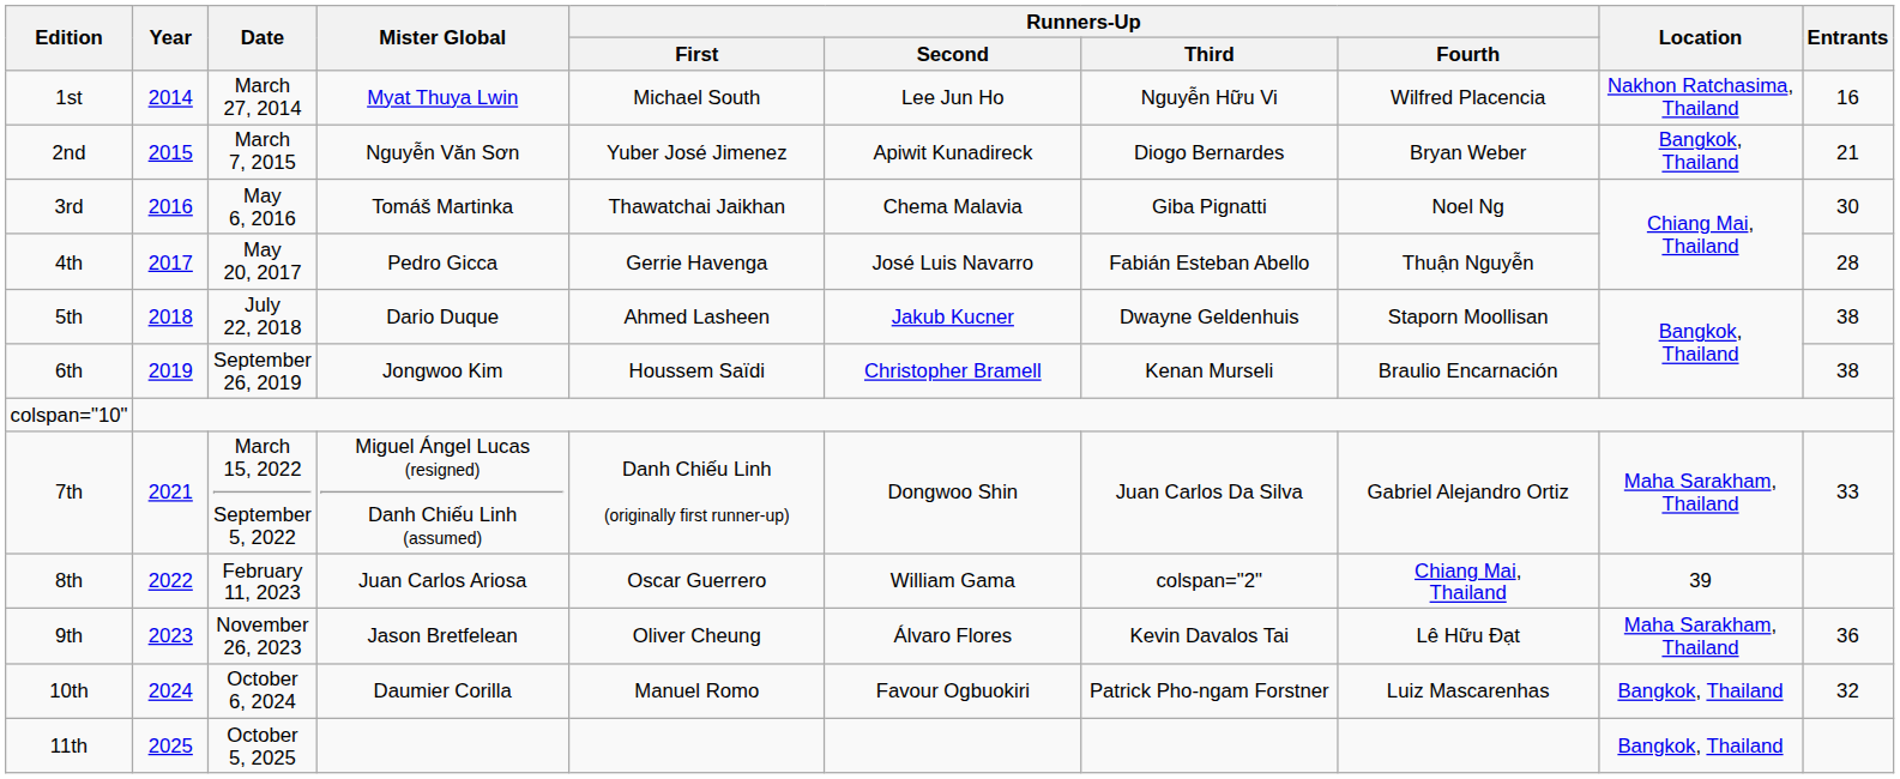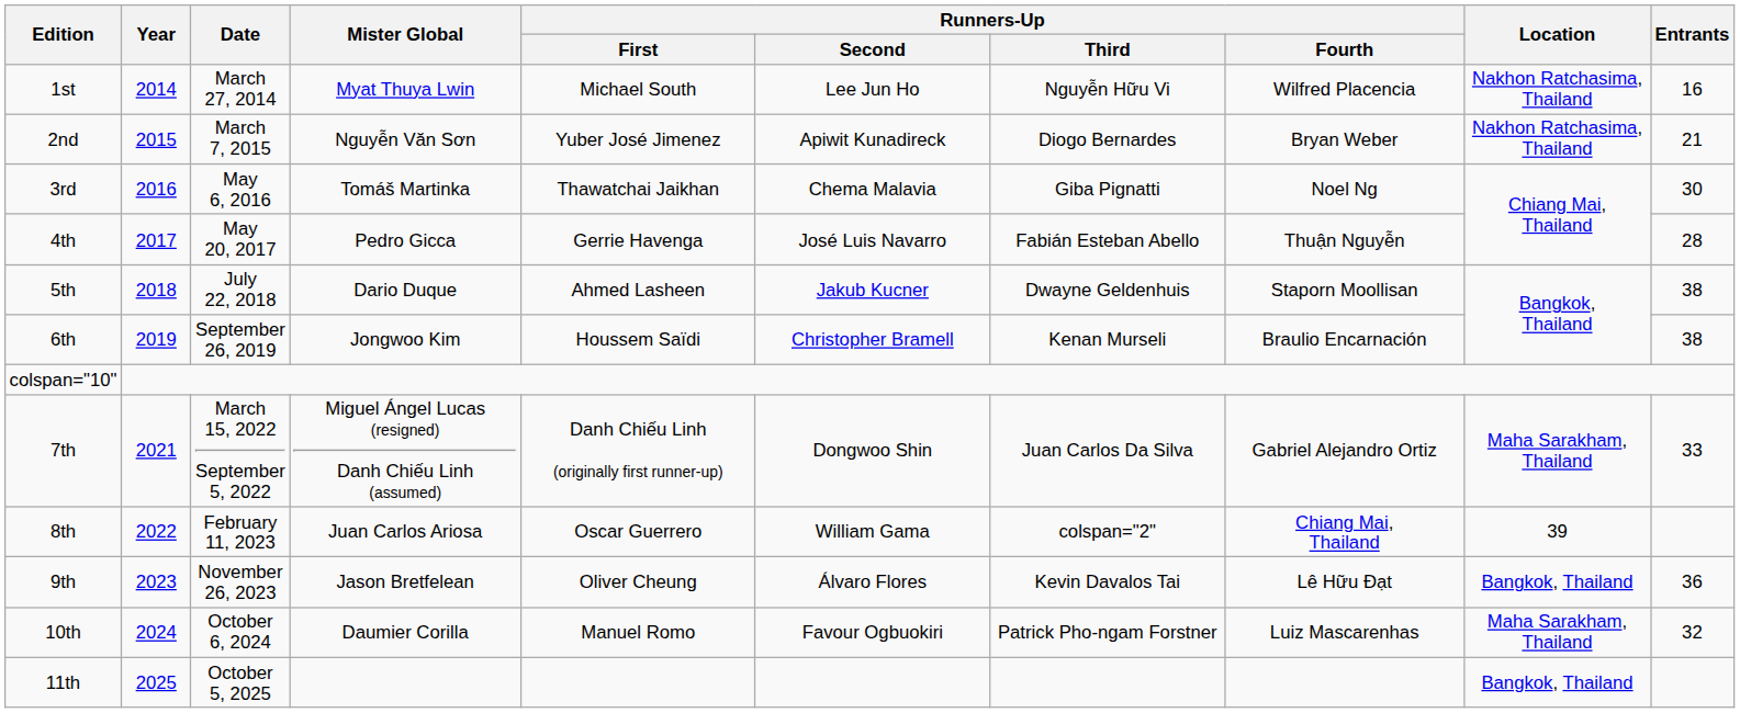 <table class="wikitable" style="font-size:83%; text-align:center;">
 <tr>
 <th rowspan="2"  width=50px>Edition</th>
 <th rowspan="2"  width=50px>Year</th>
 <th rowspan="2"  width=50px>Date</th>
 <th rowspan="2"  width=200px>Mister Global</th>
 <th colspan="4"  width=200px>Runners-Up</th>
 <th rowspan="2"  width=150px>Location</th>
 <th rowspan="2"  width=50px>Entrants</th>
 </tr>
 <tr>
 <th width=200px>First</th>
 <th width=200px>Second</th>
 <th width=200px>Third</th>
 <th width=200px>Fourth</th>
 </tr>
 <tr>
 <td>1st</td>
 <td><a href='#'>2014</a></td>
 <td>March<br> 27, 2014</td>
 <td><a href='#'>Myat Thuya Lwin</a><br></td>
 <td>Michael South<br></td>
 <td>Lee Jun Ho<br></td>
 <td>Nguyễn Hữu Vi<br></td>
 <td>Wilfred Placencia<br></td>
 <td><a href='#'>Nakhon Ratchasima</a>, <a href='#'>Thailand</a></td>
 <td>16</td>
 </tr>
 <tr>
 <td>2nd</td>
 <td><a href='#'>2015</a></td>
 <td>March<br> 7, 2015</td>
 <td>Nguyễn Văn Sơn<br></td>
 <td>Yuber José Jimenez<br></td>
 <td>Apiwit Kunadireck<br></td>
 <td>Diogo Bernardes<br></td>
 <td>Bryan Weber<br></td>
-<td><a href='#'>Bangkok</a>,<br> <a href='#'>Thailand</a></td>
+<td><a href='#'>Nakhon Ratchasima</a>, <a href='#'>Thailand</a></td>
 <td>21</td>
 </tr>
 <tr>
 <td>3rd</td>
 <td><a href='#'>2016</a></td>
 <td>May<br> 6, 2016</td>
 <td>Tomáš Martinka<br></td>
 <td>Thawatchai Jaikhan<br></td>
 <td>Chema Malavia<br></td>
 <td>Giba Pignatti<br></td>
 <td>Noel Ng<br></td>
 <td rowspan="2"><a href='#'>Chiang Mai</a>,<br> <a href='#'>Thailand</a></td>
 <td>30</td>
 </tr>
 <tr>
 <td>4th</td>
 <td><a href='#'>2017</a></td>
 <td>May<br> 20, 2017</td>
 <td>Pedro Gicca<br></td>
 <td>Gerrie Havenga<br></td>
 <td>José Luis Navarro<br></td>
 <td>Fabián Esteban Abello<br></td>
 <td>Thuận Nguyễn<br></td>
 <td>28</td>
 </tr>
 <tr>
 <td>5th</td>
 <td><a href='#'>2018</a></td>
 <td>July<br> 22, 2018</td>
 <td>Dario Duque<br></td>
 <td>Ahmed Lasheen<br></td>
 <td><a href='#'>Jakub Kucner</a><br></td>
 <td>Dwayne Geldenhuis<br></td>
 <td>Staporn Moollisan<br></td>
 <td rowspan="2"><a href='#'>Bangkok</a>,<br> <a href='#'>Thailand</a></td>
 <td>38</td>
 </tr>
 <tr>
 <td>6th</td>
 <td><a href='#'>2019</a></td>
 <td>September<br> 26, 2019</td>
 <td>Jongwoo Kim<br></td>
 <td>Houssem Saïdi<br></td>
 <td><a href='#'>Christopher Bramell</a><br></td>
 <td>Kenan Murseli<br></td>
 <td>Braulio Encarnación<br></td>
 <td>38</td>
 </tr>
 <tr>
 <td>colspan="10" </td>
 </tr>
 <tr>
 <td>7th</td>
 <td><a href='#'>2021</a></td>
 <td>March<br> 15, 2022<hr>September 5, 2022</td>
 <td>Miguel Ángel Lucas <br> <small>(resigned)</small><hr>Danh Chiếu Linh <br> <small>(assumed)</small></td>
 <td>Danh Chiếu Linh<br><br><small>(originally first runner-up)</small></td>
 <td>Dongwoo Shin<br></td>
 <td>Juan Carlos Da Silva<br></td>
 <td>Gabriel Alejandro Ortiz<br></td>
 <td><a href='#'>Maha Sarakham</a>,<br> <a href='#'>Thailand</a></td>
 <td>33</td>
 </tr>
 <tr>
 <td>8th</td>
 <td><a href='#'>2022</a></td>
 <td>February<br> 11, 2023</td>
 <td>Juan Carlos Ariosa<br></td>
 <td>Oscar Guerrero<br></td>
 <td>William Gama<br></td>
 <td>colspan="2" </td>
 <td><a href='#'>Chiang Mai</a>,<br> <a href='#'>Thailand</a></td>
 <td>39</td>
 </tr>
 <tr>
 <td>9th</td>
 <td><a href='#'>2023</a></td>
 <td>November<br> 26, 2023</td>
 <td>Jason Bretfelean<br></td>
 <td>Oliver Cheung<br></td>
 <td>Álvaro Flores<br></td>
 <td>Kevin Davalos Tai<br></td>
 <td>Lê Hữu Đạt<br></td>
-<td><a href='#'>Maha Sarakham</a>,<br> <a href='#'>Thailand</a></td>
+<td><a href='#'>Bangkok</a>, <a href='#'>Thailand</a></td>
 <td>36</td>
 </tr>
 <tr>
 <td>10th</td>
 <td><a href='#'>2024</a></td>
 <td>October<br> 6, 2024</td>
 <td>Daumier Corilla<br></td>
 <td>Manuel Romo<br></td>
 <td>Favour Ogbuokiri<br></td>
 <td>Patrick Pho-ngam Forstner<br></td>
 <td>Luiz Mascarenhas<br></td>
-<td><a href='#'>Bangkok</a>, <a href='#'>Thailand</a></td>
+<td><a href='#'>Maha Sarakham</a>,<br> <a href='#'>Thailand</a></td>
 <td>32</td>
 </tr>
 <tr>
 <td>11th</td>
 <td><a href='#'>2025</a></td>
 <td>October <br> 5, 2025</td>
 <td></td>
 <td></td>
 <td></td>
 <td></td>
 <td></td>
 <td><a href='#'>Bangkok</a>, <a href='#'>Thailand</a></td>
 <td></td>
 </tr>
 </table>
